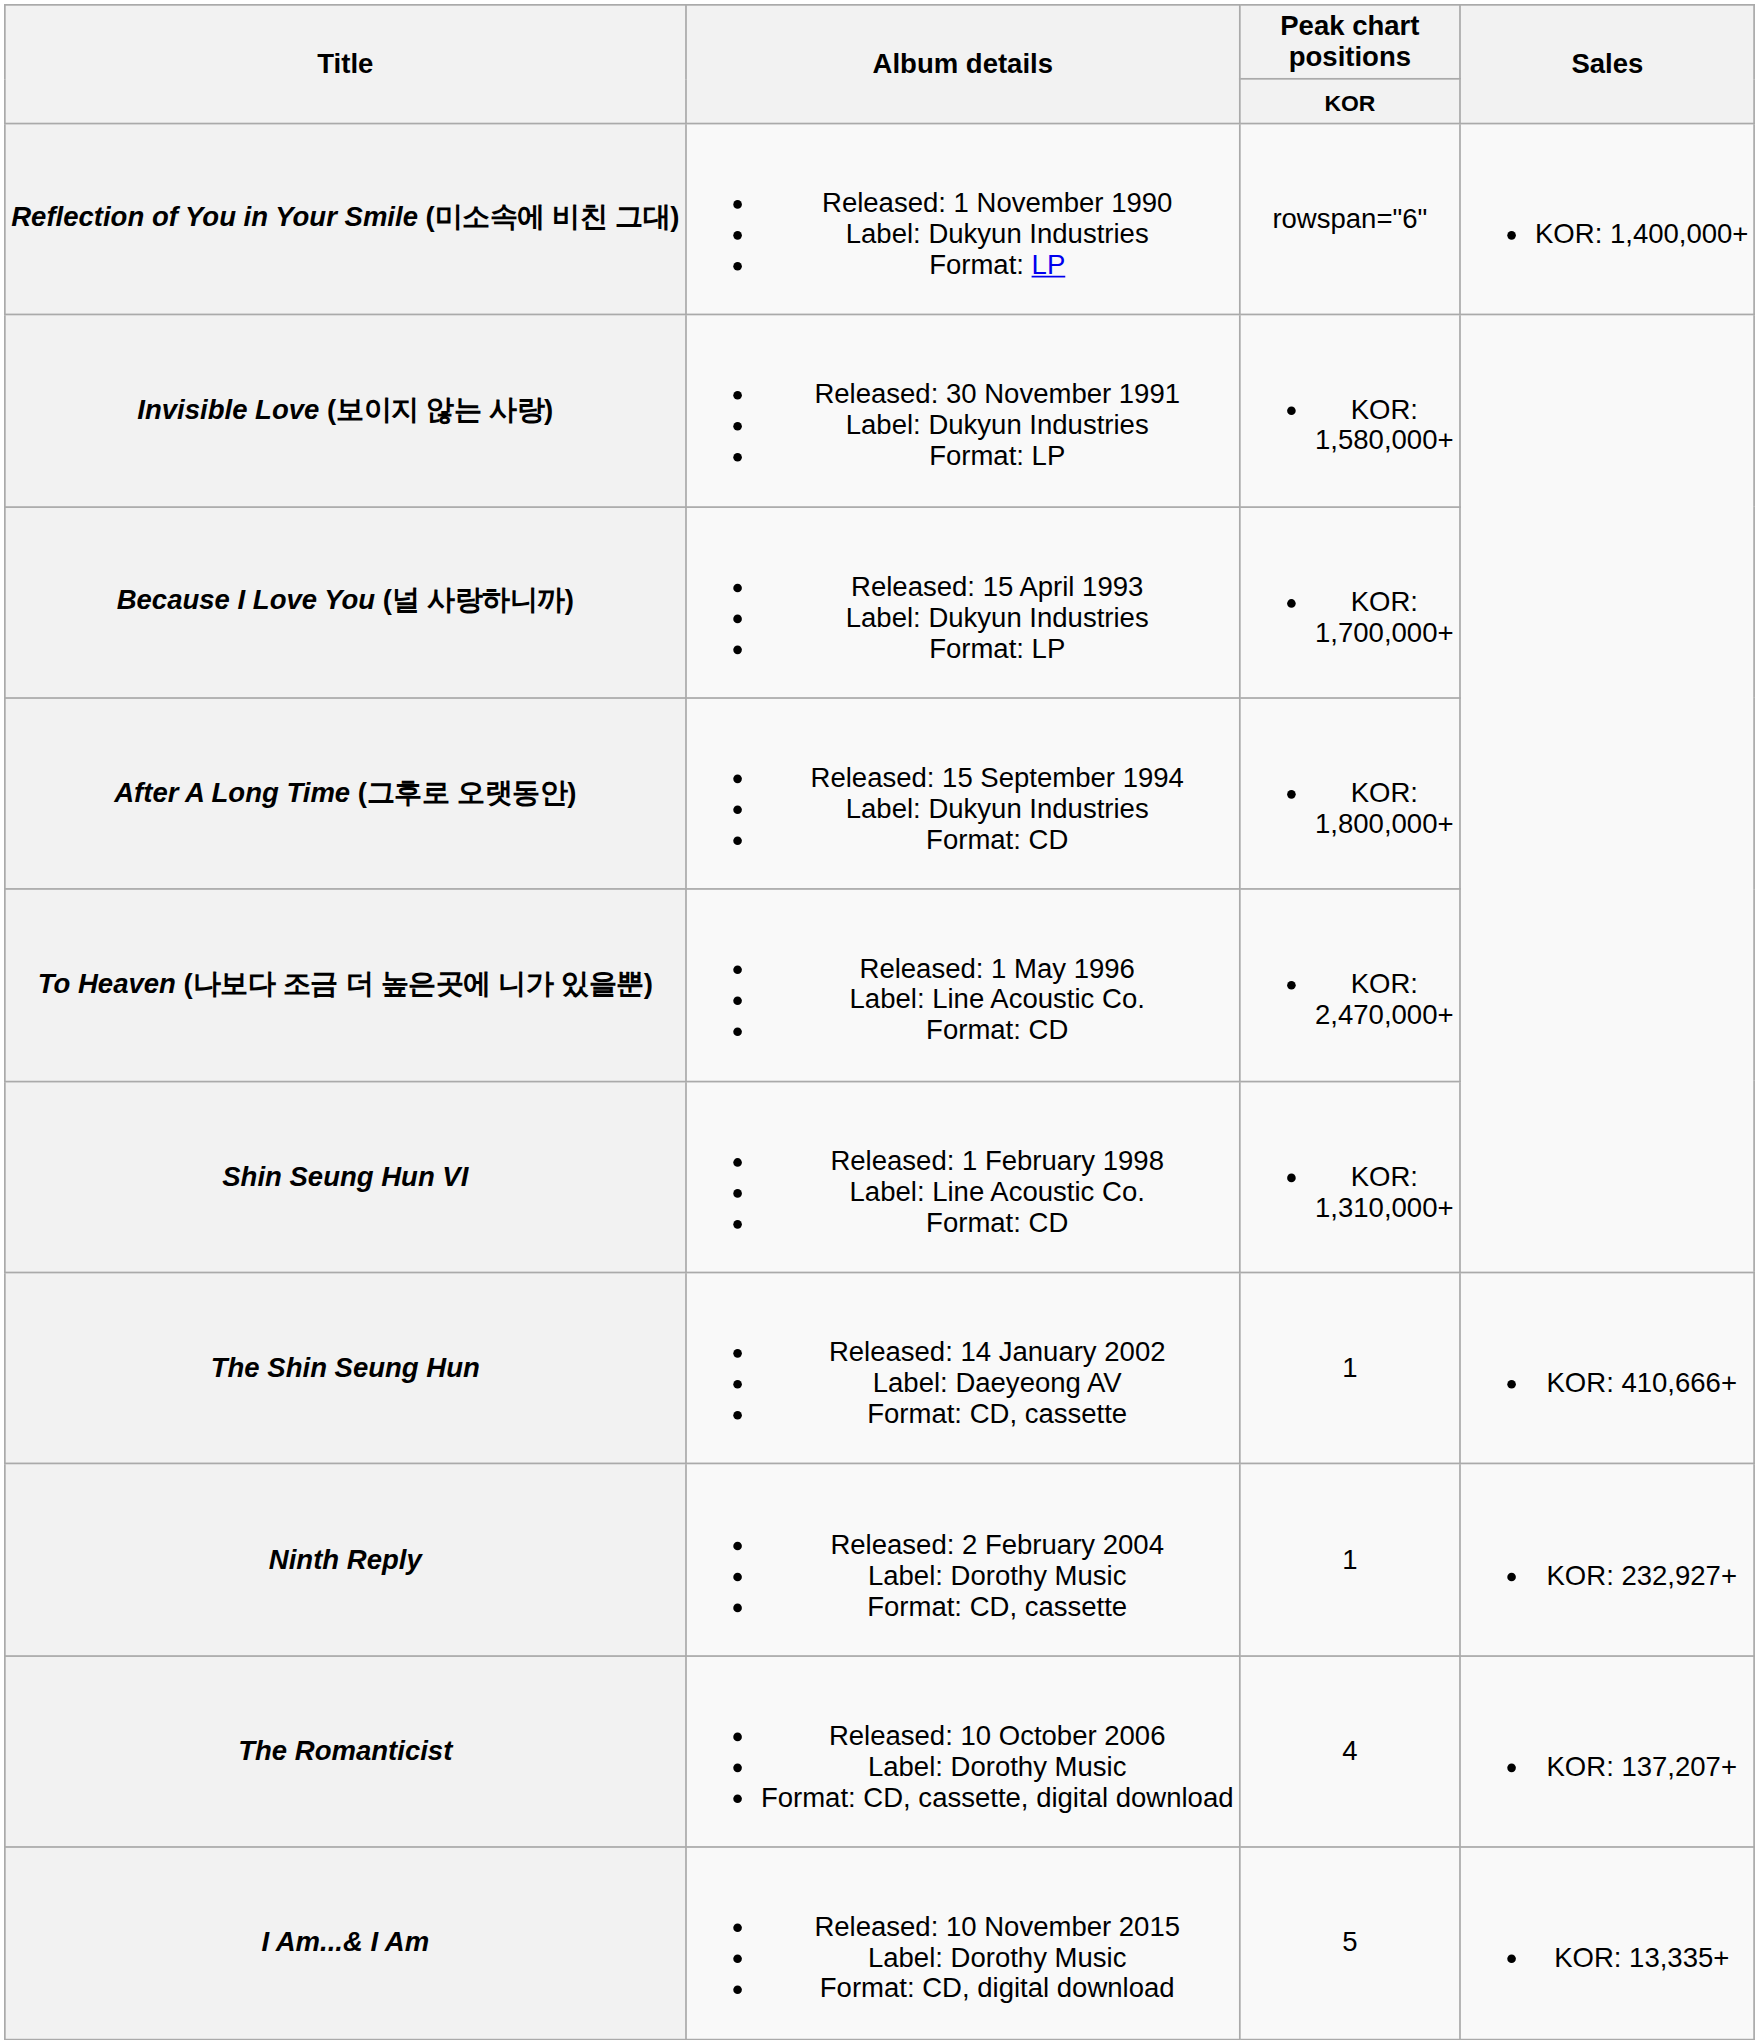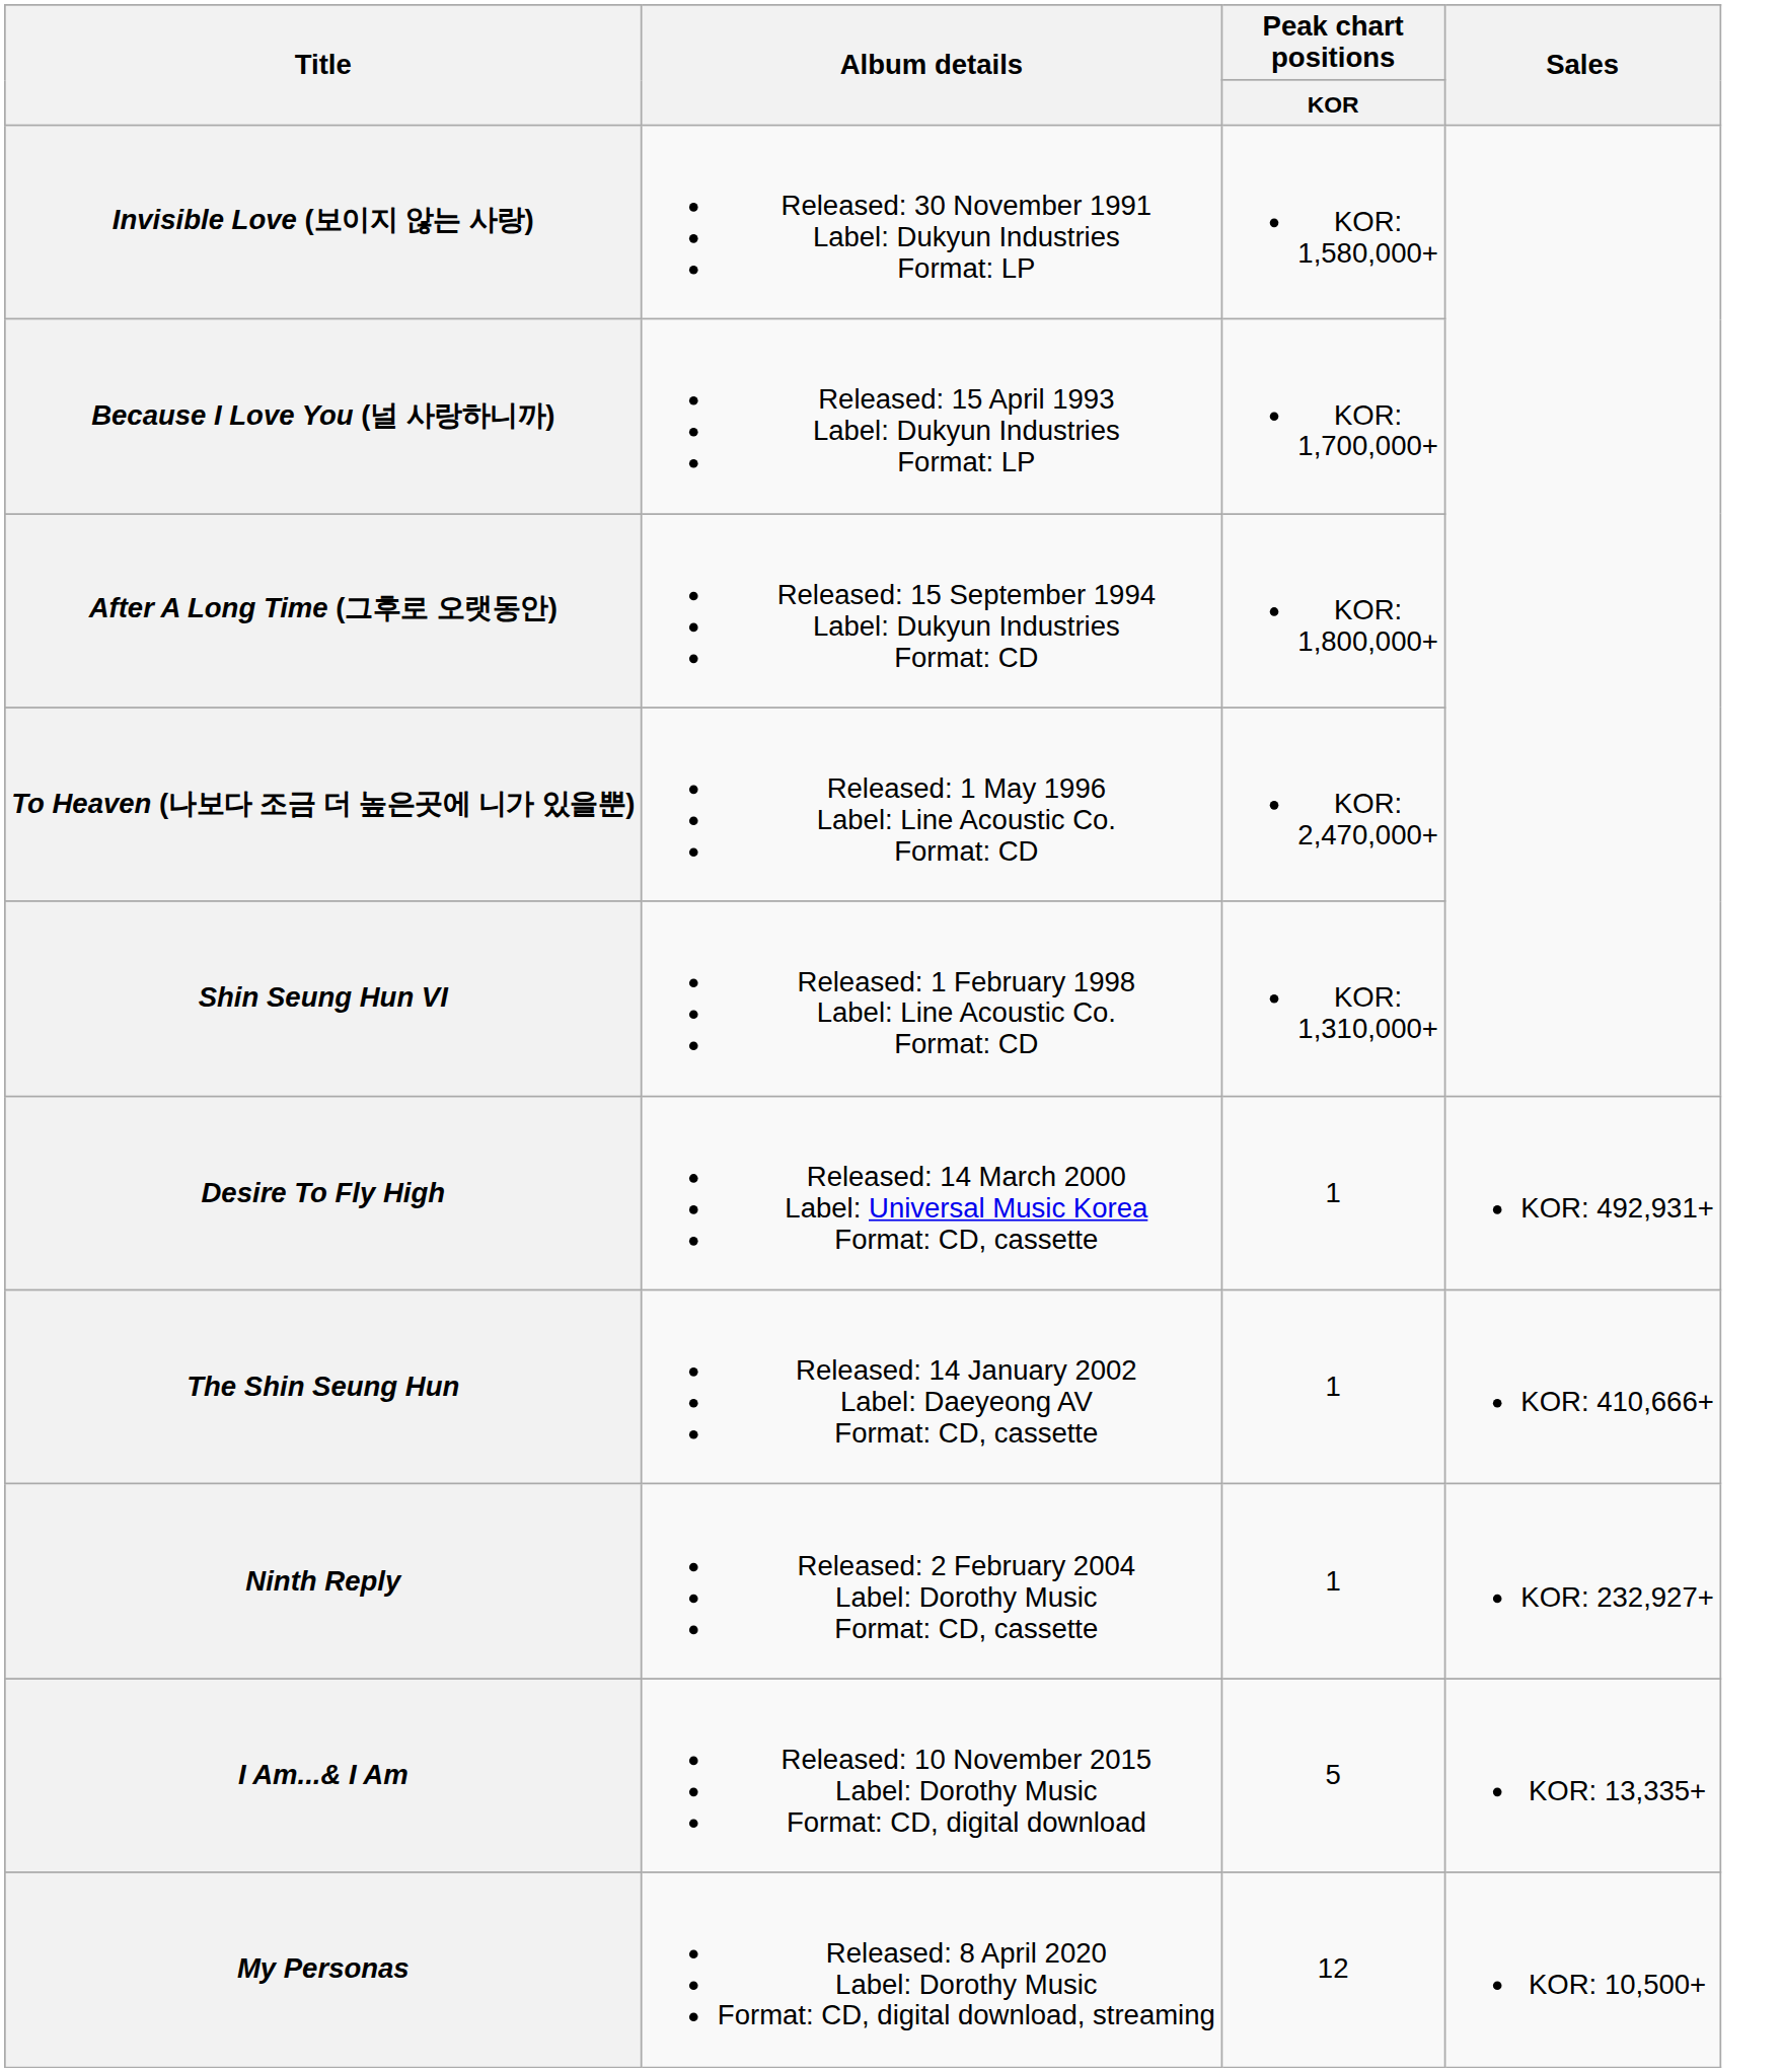 <table class="wikitable plainrowheaders" style="text-align:center;">
 <tr>
 <th rowspan="2" scope="col">Title</th>
 <th rowspan="2" scope="col">Album details</th>
 <th colspan="1" scope="col" style="width:5em;">Peak chart positions</th>
 <th rowspan="2" scope="col">Sales</th>
 </tr>
 <tr>
 <th><small>KOR</small><br></th>
-</tr>
-<tr>
-<th scope="row"><em>Reflection of You in Your Smile</em> (미소속에 비친 그대)</th>
-<td><br><ul><li>Released: 1 November 1990</li><li>Label: Dukyun Industries</li><li>Format: <a href='#'>LP</a></li></ul></td>
-<td>rowspan="6" </td>
-<td><br><ul><li>KOR: 1,400,000+</li></ul></td>
 </tr>
 <tr>
 <th scope="row"><em>Invisible Love</em> (보이지 않는 사랑)</th>
 <td><br><ul><li>Released: 30 November 1991</li><li>Label: Dukyun Industries</li><li>Format: LP</li></ul></td>
 <td><br><ul><li>KOR: 1,580,000+</li></ul></td>
 </tr>
 <tr>
 <th scope="row"><em>Because I Love You</em> (널 사랑하니까)</th>
 <td><br><ul><li>Released: 15 April 1993</li><li>Label: Dukyun Industries</li><li>Format: LP</li></ul></td>
 <td><br><ul><li>KOR: 1,700,000+</li></ul></td>
 </tr>
 <tr>
 <th scope="row"><em>After A Long Time</em> (그후로 오랫동안)</th>
 <td><br><ul><li>Released: 15 September 1994</li><li>Label: Dukyun Industries</li><li>Format: CD</li></ul></td>
 <td><br><ul><li>KOR: 1,800,000+</li></ul></td>
 </tr>
 <tr>
 <th scope="row"><em>To Heaven</em> (나보다 조금 더 높은곳에 니가 있을뿐)</th>
 <td><br><ul><li>Released: 1 May 1996</li><li>Label: Line Acoustic Co.</li><li>Format: CD</li></ul></td>
 <td><br><ul><li>KOR: 2,470,000+</li></ul></td>
 </tr>
 <tr>
 <th scope="row"><em>Shin Seung Hun VI</em></th>
 <td><br><ul><li>Released: 1 February 1998</li><li>Label: Line Acoustic Co.</li><li>Format: CD</li></ul></td>
 <td><br><ul><li>KOR: 1,310,000+</li></ul></td>
 </tr>
 <tr>
+<th scope="row"><em>Desire To Fly High</em></th>
+<td><br><ul><li>Released: 14 March 2000</li><li>Label: <a href='#'>Universal Music Korea</a></li><li>Format: CD, cassette</li></ul></td>
+<td>1</td>
+<td><br><ul><li>KOR: 492,931+</li></ul></td>
+</tr>
+<tr>
 <th scope="row"><em>The Shin Seung Hun</em></th>
 <td><br><ul><li>Released: 14 January 2002</li><li>Label: Daeyeong AV</li><li>Format: CD, cassette</li></ul></td>
 <td>1</td>
 <td><br><ul><li>KOR: 410,666+</li></ul></td>
 </tr>
 <tr>
 <th scope="row"><em>Ninth Reply</em></th>
 <td><br><ul><li>Released: 2 February 2004</li><li>Label: Dorothy Music</li><li>Format: CD, cassette</li></ul></td>
 <td>1</td>
 <td><br><ul><li>KOR: 232,927+</li></ul></td>
 </tr>
 <tr>
-<th scope="row"><em>The Romanticist</em></th>
-<td><br><ul><li>Released: 10 October 2006</li><li>Label: Dorothy Music</li><li>Format: CD, cassette, digital download</li></ul></td>
-<td>4</td>
-<td><br><ul><li>KOR: 137,207+</li></ul></td>
-</tr>
-<tr>
 <th scope="row"><em>I Am...& I Am</em></th>
 <td><br><ul><li>Released: 10 November 2015</li><li>Label: Dorothy Music</li><li>Format: CD, digital download</li></ul></td>
 <td>5</td>
 <td><br><ul><li>KOR: 13,335+</li></ul></td>
 </tr>
+<tr>
+<th scope="row"><em>My Personas</em></th>
+<td><br><ul><li>Released: 8 April 2020</li><li>Label: Dorothy Music</li><li>Format: CD, digital download, streaming</li></ul></td>
+<td>12</td>
+<td><br><ul><li>KOR: 10,500+</li></ul></td>
+</tr>
 </table>
